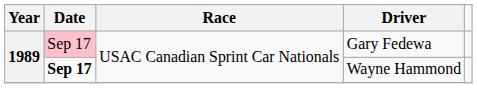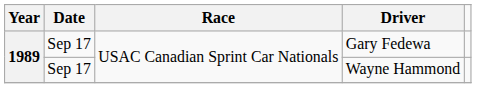 <table class="wikitable" style="font-size: 90%;">
 <tr>
 <th>Year</th>
 <th>Date</th>
 <th>Race</th>
 <th>Driver</th>
 <td></td>
 </tr>
 <tr>
 <th rowspan=2>1989</th>
-<td style="background: pink;">Sep 17</td>
+<td>Sep 17</td>
 <td rowspan=2>USAC Canadian Sprint Car Nationals</td>
 <td> Gary Fedewa</td>
 <td></td>
 </tr>
 <tr>
-<td><strong>Sep 17</strong></td>
+<td>Sep 17</td>
 <td> Wayne Hammond</td>
 <td></td>
 </tr>
 <tr>
 </tr>
 </table>
